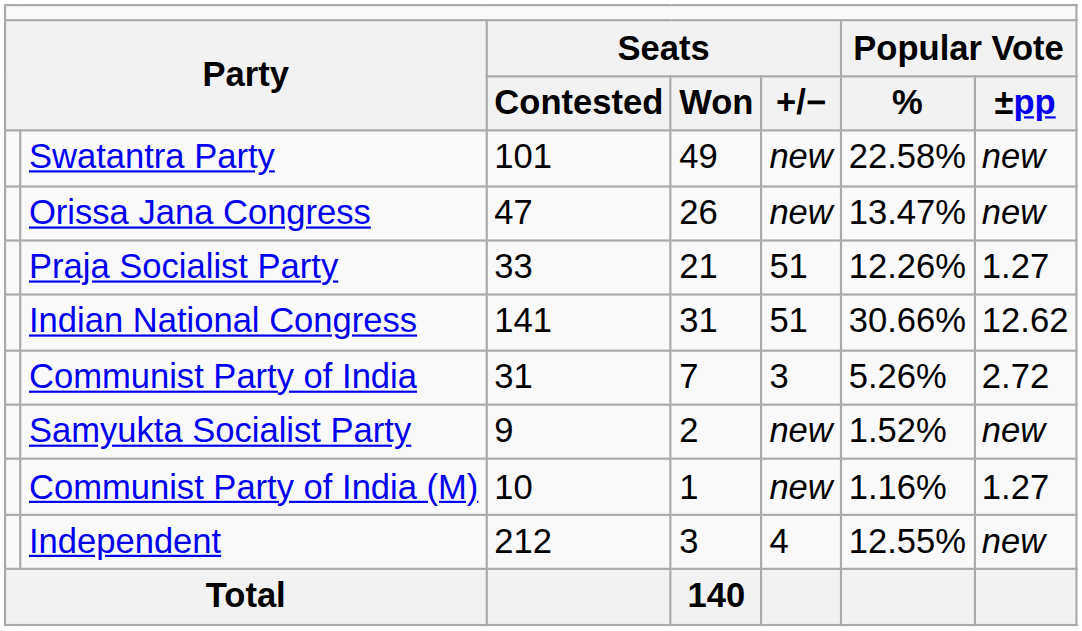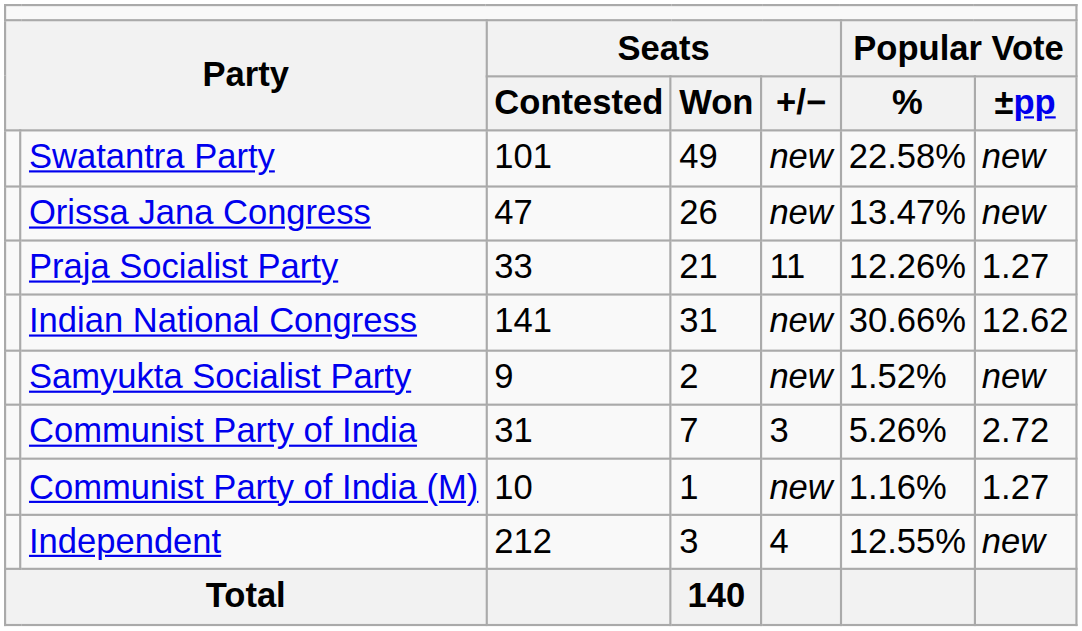 <table class="wikitable">
 <tr>
 <td colspan="7"></td>
 </tr>
 <tr>
 <th colspan="2" rowspan="2">Party</th>
 <th colspan="3">Seats</th>
 <th colspan="2">Popular Vote</th>
 </tr>
 <tr>
 <th>Contested</th>
 <th>Won</th>
 <th><strong>+/−</strong></th>
 <th>%</th>
 <th>±<a href='#'>pp</a></th>
 </tr>
 <tr>
 <td style="background-color: "></td>
 <td><a href='#'>Swatantra Party</a></td>
 <td>101</td>
 <td>49</td>
 <td><em>new</em></td>
 <td>22.58%</td>
 <td><em>new</em></td>
 </tr>
 <tr>
 <td style="background-color: "></td>
 <td><a href='#'>Orissa Jana Congress</a></td>
 <td>47</td>
 <td>26</td>
 <td><em>new</em></td>
 <td>13.47%</td>
 <td><em>new</em></td>
 </tr>
 <tr>
 <td style="background-color: "></td>
 <td><a href='#'>Praja Socialist Party</a></td>
 <td>33</td>
 <td>21</td>
-<td>51</td>
+<td>11</td>
 <td>12.26%</td>
 <td>1.27</td>
 </tr>
 <tr>
 <td style="background-color: "></td>
 <td><a href='#'>Indian National Congress</a></td>
 <td>141</td>
 <td>31</td>
-<td>51</td>
+<td><em>new</em></td>
 <td>30.66%</td>
 <td>12.62</td>
+</tr>
+<tr>
+<td style="background-color: "></td>
+<td><a href='#'>Samyukta Socialist Party</a></td>
+<td>9</td>
+<td>2</td>
+<td><em>new</em></td>
+<td>1.52%</td>
+<td><em>new</em></td>
 </tr>
 <tr>
 <td style="background-color: "></td>
 <td><a href='#'>Communist Party of India</a></td>
 <td>31</td>
 <td>7</td>
 <td>3</td>
 <td>5.26%</td>
 <td>2.72</td>
-</tr>
-<tr>
-<td style="background-color: "></td>
-<td><a href='#'>Samyukta Socialist Party</a></td>
-<td>9</td>
-<td>2</td>
-<td><em>new</em></td>
-<td>1.52%</td>
-<td><em>new</em></td>
 </tr>
 <tr>
 <td style="background-color: "></td>
 <td><a href='#'>Communist Party of India (M)</a></td>
 <td>10</td>
 <td>1</td>
 <td><em>new</em></td>
 <td>1.16%</td>
 <td>1.27</td>
 </tr>
 <tr>
 <td style="background-color: "></td>
 <td><a href='#'>Independent</a></td>
 <td>212</td>
 <td>3</td>
 <td>4</td>
 <td>12.55%</td>
 <td><em>new</em></td>
 </tr>
 <tr>
 <th colspan="2">Total</th>
 <th></th>
 <th>140</th>
 <th></th>
 <th></th>
 <th></th>
 </tr>
 </table>
